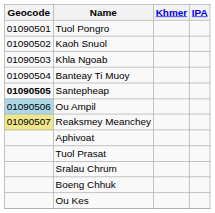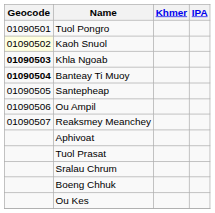 <table class="wikitable" style="font-size:90%;">
 <tr>
 <th>Geocode</th>
 <th>Name</th>
 <th><a href='#'>Khmer</a></th>
 <th><a href='#'>IPA</a></th>
 </tr>
 <tr>
 <td>01090501</td>
 <td>Tuol Pongro</td>
 <td></td>
 <td></td>
 </tr>
 <tr>
-<td>01090502</td>
+<td style="background: lightyellow;">01090502</td>
 <td>Kaoh Snuol</td>
 <td></td>
 <td></td>
 </tr>
 <tr>
-<td>01090503</td>
+<td><strong>01090503</strong></td>
 <td>Khla Ngoab</td>
 <td></td>
 <td></td>
 </tr>
 <tr>
-<td>01090504</td>
+<td><strong>01090504</strong></td>
 <td>Banteay Ti Muoy</td>
 <td></td>
 <td></td>
 </tr>
 <tr>
-<td><strong>01090505</strong></td>
+<td>01090505</td>
 <td>Santepheap</td>
 <td></td>
 <td></td>
 </tr>
 <tr>
-<td style="background: lightblue;">01090506</td>
+<td>01090506</td>
 <td>Ou Ampil</td>
 <td></td>
 <td></td>
 </tr>
 <tr>
-<td style="background: khaki;">01090507</td>
+<td>01090507</td>
 <td>Reaksmey Meanchey</td>
 <td></td>
 <td></td>
 </tr>
 <tr>
 <td></td>
 <td>Aphivoat</td>
 <td></td>
 <td></td>
 </tr>
 <tr>
 <td></td>
 <td>Tuol Prasat</td>
 <td></td>
 <td></td>
 </tr>
 <tr>
 <td></td>
 <td>Sralau Chrum</td>
 <td></td>
 <td></td>
 </tr>
 <tr>
 <td></td>
 <td>Boeng Chhuk</td>
 <td></td>
 <td></td>
 </tr>
 <tr>
 <td></td>
 <td>Ou Kes</td>
 <td></td>
 <td></td>
 </tr>
 <tr>
 </tr>
 </table>
